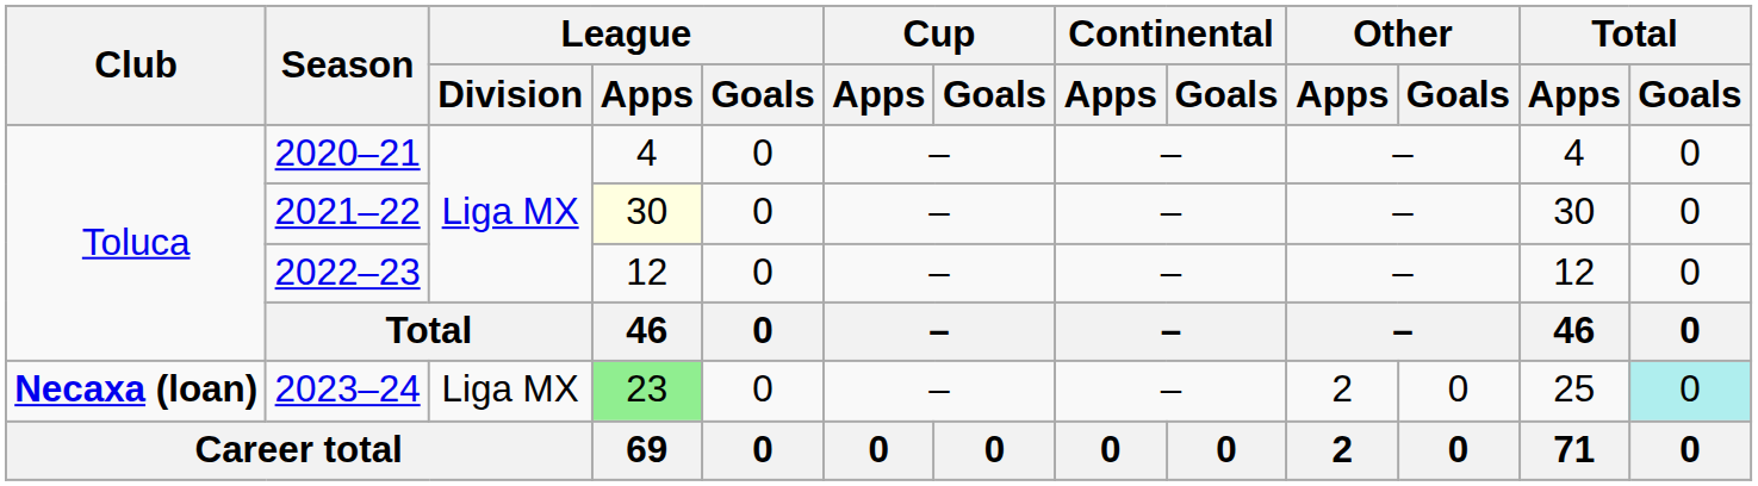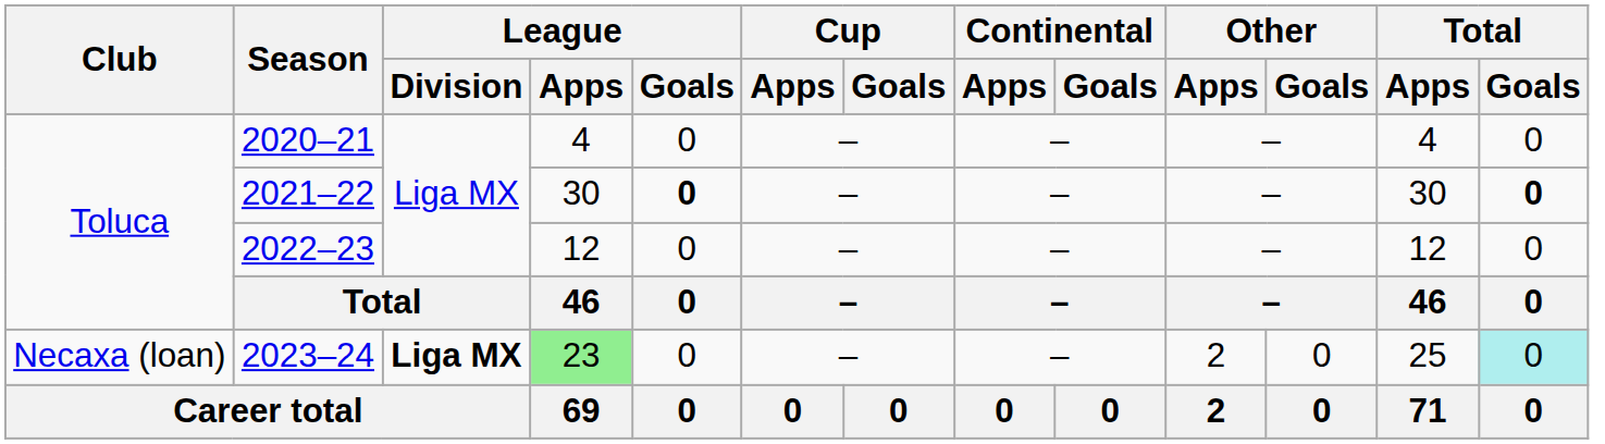 <table class="wikitable" style="text-align: center">
 <tr>
 <th rowspan="2">Club</th>
 <th rowspan="2">Season</th>
 <th colspan="3">League</th>
 <th colspan="2">Cup</th>
 <th colspan="2">Continental</th>
 <th colspan="2">Other</th>
 <th colspan="2">Total</th>
 </tr>
 <tr>
 <th>Division</th>
 <th>Apps</th>
 <th>Goals</th>
 <th>Apps</th>
 <th>Goals</th>
 <th>Apps</th>
 <th>Goals</th>
 <th>Apps</th>
 <th>Goals</th>
 <th>Apps</th>
 <th>Goals</th>
 </tr>
 <tr>
 <td rowspan="4"><a href='#'>Toluca</a></td>
 <td><a href='#'>2020–21</a></td>
 <td rowspan="3"><a href='#'>Liga MX</a></td>
 <td>4</td>
 <td>0</td>
 <td colspan="2">–</td>
 <td colspan="2">–</td>
 <td colspan="2">–</td>
 <td>4</td>
 <td>0</td>
 </tr>
 <tr>
 <td><a href='#'>2021–22</a></td>
-<td style="background: lightyellow;">30</td>
-<td>0</td>
+<td>30</td>
+<td><strong>0</strong></td>
 <td colspan="2">–</td>
 <td colspan="2">–</td>
 <td colspan="2">–</td>
 <td>30</td>
-<td>0</td>
+<td><strong>0</strong></td>
 </tr>
 <tr>
 <td><a href='#'>2022–23</a></td>
 <td>12</td>
 <td>0</td>
 <td colspan="2">–</td>
 <td colspan="2">–</td>
 <td colspan="2">–</td>
 <td>12</td>
 <td>0</td>
 </tr>
 <tr>
 <th colspan="2">Total</th>
 <th>46</th>
 <th>0</th>
 <th colspan="2">–</th>
 <th colspan="2">–</th>
 <th colspan="2">–</th>
 <th>46</th>
 <th>0</th>
 </tr>
 <tr>
-<td><strong><a href='#'>Necaxa</a> (loan)</strong></td>
+<td><a href='#'>Necaxa</a> (loan)</td>
 <td><a href='#'>2023–24</a></td>
-<td>Liga MX</td>
+<td><strong>Liga MX</strong></td>
 <td style="background: lightgreen;">23</td>
 <td>0</td>
 <td colspan="2">–</td>
 <td colspan="2">–</td>
 <td>2</td>
 <td>0</td>
 <td>25</td>
 <td style="background: paleturquoise;">0</td>
 </tr>
 <tr>
 <th colspan=3>Career total</th>
 <th>69</th>
 <th>0</th>
 <th>0</th>
 <th>0</th>
 <th>0</th>
 <th>0</th>
 <th>2</th>
 <th>0</th>
 <th>71</th>
 <th>0</th>
 </tr>
 </table>
